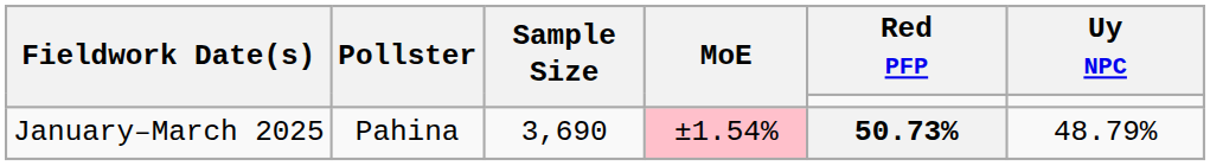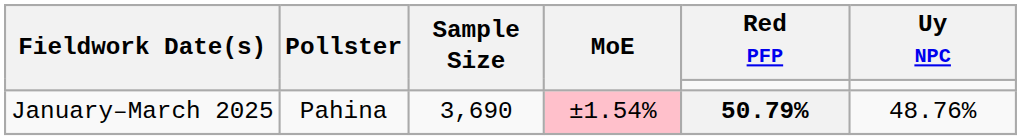 <table class="wikitable" style="text-align:center;font-size:90%;line-height:15px">
 <tr>
 <th rowspan="2">Fieldwork Date(s)</th>
 <th rowspan="2">Pollster</th>
 <th rowspan="2" style="width:60px;">Sample Size</th>
 <th rowspan="2" style="width:60px;">MoE</th>
 <th style="width:75px;">Red<br><small><a href='#'>PFP</a></small></th>
 <th style="width:75px;">Uy<br><small><a href='#'>NPC</a></small></th>
 </tr>
 <tr>
 <td style="background:"></td>
 <td style="background:"></td>
 </tr>
 <tr>
 <td>January–March 2025</td>
 <td>Pahina</td>
 <td>3,690</td>
 <td style="background: pink;">±1.54%</td>
-<th style="background-color:#">50.73%</th>
-<td>48.79%</td>
+<th style="background-color:#">50.79%</th>
+<td>48.76%</td>
 </tr>
 <tr>
 </tr>
 </table>
